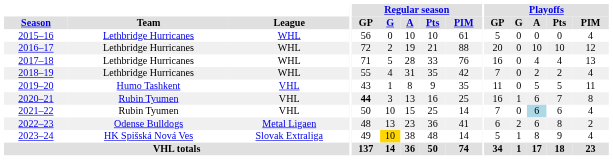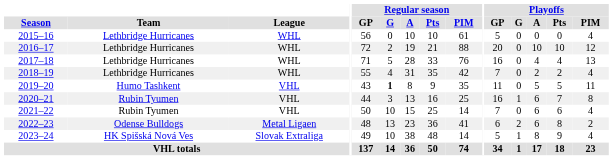 <table border="0" cellpadding="1" cellspacing="0" style="text-align:center; width:60em">
 <tr bgcolor="#e0e0e0">
 <th colspan="3" bgcolor="#ffffff"></th>
 <th rowspan="99" bgcolor="#ffffff"></th>
 <th colspan="5"><a href='#'>Regular season</a></th>
 <th rowspan="99" bgcolor="#ffffff"></th>
 <th colspan="5"><a href='#'>Playoffs</a></th>
 </tr>
 <tr bgcolor="#e0e0e0">
 <th><a href='#'>Season</a></th>
 <th>Team</th>
 <th>League</th>
 <th>GP</th>
 <th><a href='#'>G</a></th>
 <th><a href='#'>A</a></th>
 <th><a href='#'>Pts</a></th>
 <th><a href='#'>PIM</a></th>
 <th>GP</th>
 <th>G</th>
 <th>A</th>
 <th>Pts</th>
 <th>PIM</th>
 </tr>
 <tr>
 <td><a href='#'>2015–16</a></td>
 <td><a href='#'>Lethbridge Hurricanes</a></td>
 <td><a href='#'>WHL</a></td>
 <td>56</td>
 <td>0</td>
 <td>10</td>
 <td>10</td>
 <td>61</td>
 <td>5</td>
 <td>0</td>
 <td>0</td>
 <td>0</td>
 <td>4</td>
 </tr>
 <tr style="background:#f0f0f0;">
 <td><a href='#'>2016–17</a></td>
 <td>Lethbridge Hurricanes</td>
 <td>WHL</td>
 <td>72</td>
 <td>2</td>
 <td>19</td>
 <td>21</td>
 <td>88</td>
 <td>20</td>
 <td>0</td>
 <td>10</td>
 <td>10</td>
 <td>12</td>
 </tr>
 <tr>
 <td><a href='#'>2017–18</a></td>
 <td>Lethbridge Hurricanes</td>
 <td>WHL</td>
 <td>71</td>
 <td>5</td>
 <td>28</td>
 <td>33</td>
 <td>76</td>
 <td>16</td>
 <td>0</td>
 <td>4</td>
 <td>4</td>
 <td>13</td>
 </tr>
 <tr style="background:#f0f0f0;">
 <td><a href='#'>2018–19</a></td>
 <td>Lethbridge Hurricanes</td>
 <td>WHL</td>
 <td>55</td>
 <td>4</td>
 <td>31</td>
 <td>35</td>
 <td>42</td>
 <td>7</td>
 <td>0</td>
 <td>2</td>
 <td>2</td>
 <td>4</td>
 </tr>
 <tr>
 <td><a href='#'>2019–20</a></td>
 <td><a href='#'>Humo Tashkent</a></td>
 <td><a href='#'>VHL</a></td>
 <td>43</td>
-<td>1</td>
+<td><strong>1</strong></td>
 <td>8</td>
 <td>9</td>
 <td>35</td>
 <td>11</td>
 <td>0</td>
 <td>5</td>
 <td>5</td>
 <td>11</td>
 </tr>
 <tr style="background:#f0f0f0;">
 <td><a href='#'>2020–21</a></td>
 <td><a href='#'>Rubin Tyumen</a></td>
 <td>VHL</td>
-<td><strong>44</strong></td>
+<td>44</td>
 <td>3</td>
 <td>13</td>
 <td>16</td>
 <td>25</td>
 <td>16</td>
 <td>1</td>
 <td>6</td>
 <td>7</td>
 <td>8</td>
 </tr>
 <tr>
 <td><a href='#'>2021–22</a></td>
 <td>Rubin Tyumen</td>
 <td>VHL</td>
 <td>50</td>
 <td>10</td>
 <td>15</td>
 <td>25</td>
 <td>14</td>
 <td>7</td>
 <td>0</td>
-<td style="background: lightblue;">6</td>
+<td>6</td>
 <td>6</td>
 <td>4</td>
 </tr>
 <tr style="background:#f0f0f0;">
 <td><a href='#'>2022–23</a></td>
 <td><a href='#'>Odense Bulldogs</a></td>
 <td><a href='#'>Metal Ligaen</a></td>
 <td>48</td>
 <td>13</td>
 <td>23</td>
 <td>36</td>
 <td>41</td>
 <td>6</td>
 <td>2</td>
 <td>6</td>
 <td>8</td>
 <td>2</td>
 </tr>
 <tr>
 <td><a href='#'>2023–24</a></td>
 <td><a href='#'>HK Spišská Nová Ves</a></td>
 <td><a href='#'>Slovak Extraliga</a></td>
 <td>49</td>
-<td style="background: gold;">10</td>
+<td>10</td>
 <td>38</td>
 <td>48</td>
 <td>14</td>
 <td>5</td>
 <td>1</td>
 <td>8</td>
 <td>9</td>
 <td>4</td>
 </tr>
 <tr style="text-align:center; background:#e0e0e0;">
 <th colspan="3">VHL totals</th>
 <th>137</th>
 <th>14</th>
 <th>36</th>
 <th>50</th>
 <th>74</th>
 <th>34</th>
 <th>1</th>
 <th>17</th>
 <th>18</th>
 <th>23</th>
 </tr>
 </table>
